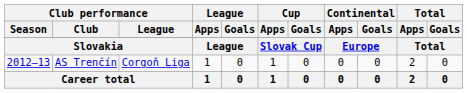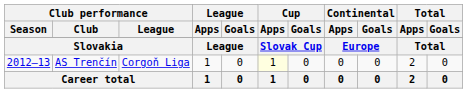 <table class="wikitable" style="text-align:center">
 <tr>
 <th colspan=3>Club performance</th>
 <th colspan=2>League</th>
 <th colspan=2>Cup</th>
 <th colspan=2>Continental</th>
 <th colspan=2>Total</th>
 </tr>
 <tr>
 <th>Season</th>
 <th>Club</th>
 <th>League</th>
 <th>Apps</th>
 <th>Goals</th>
 <th>Apps</th>
 <th>Goals</th>
 <th>Apps</th>
 <th>Goals</th>
 <th>Apps</th>
 <th>Goals</th>
 </tr>
 <tr>
 </tr>
 <tr>
 <th colspan=3>Slovakia</th>
 <th colspan=2>League</th>
 <th colspan=2><a href='#'>Slovak Cup</a></th>
 <th colspan=2><a href='#'>Europe</a></th>
 <th colspan=2>Total</th>
 </tr>
 <tr>
 <td><a href='#'>2012–13</a></td>
 <td rowspan="1"><a href='#'>AS Trenčín</a></td>
 <td rowspan="1"><a href='#'>Corgoň Liga</a></td>
 <td>1</td>
 <td>0</td>
-<td>1</td>
+<td style="background: lightyellow;">1</td>
 <td>0</td>
 <td>0</td>
 <td>0</td>
 <td>2</td>
 <td>0</td>
 </tr>
 <tr>
 <th colspan=3>Career total</th>
 <th>1</th>
 <th>0</th>
 <th>1</th>
 <th>0</th>
 <th>0</th>
 <th>0</th>
 <th>2</th>
 <th>0</th>
 </tr>
 </table>
